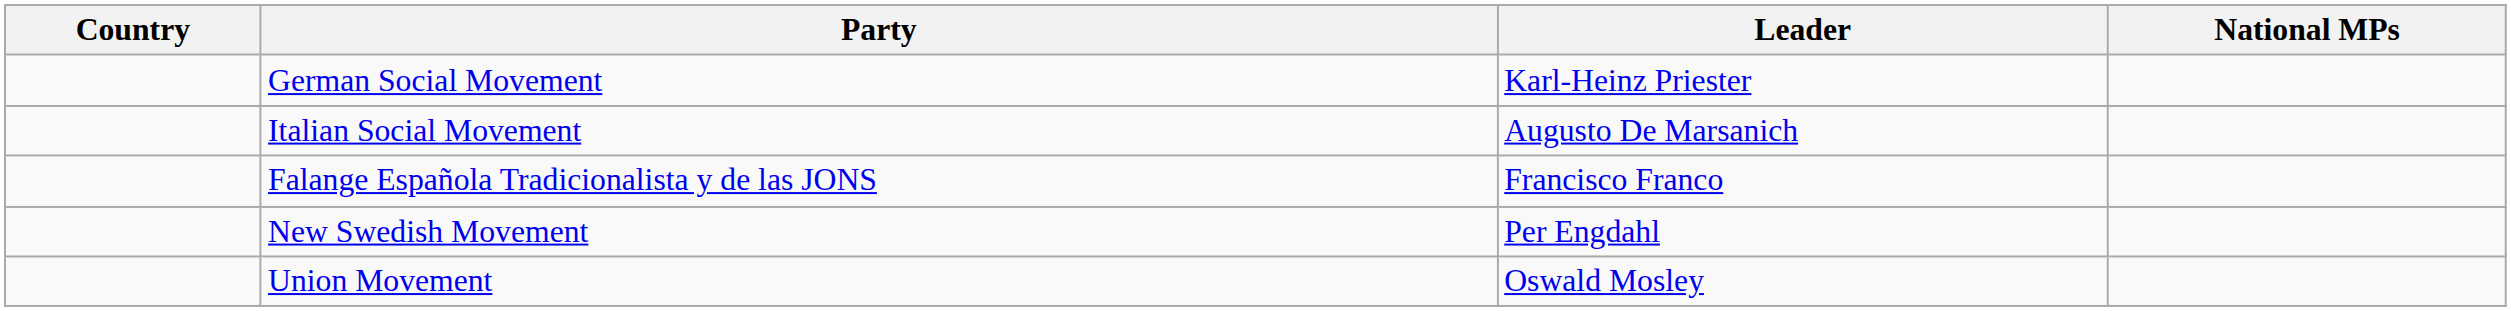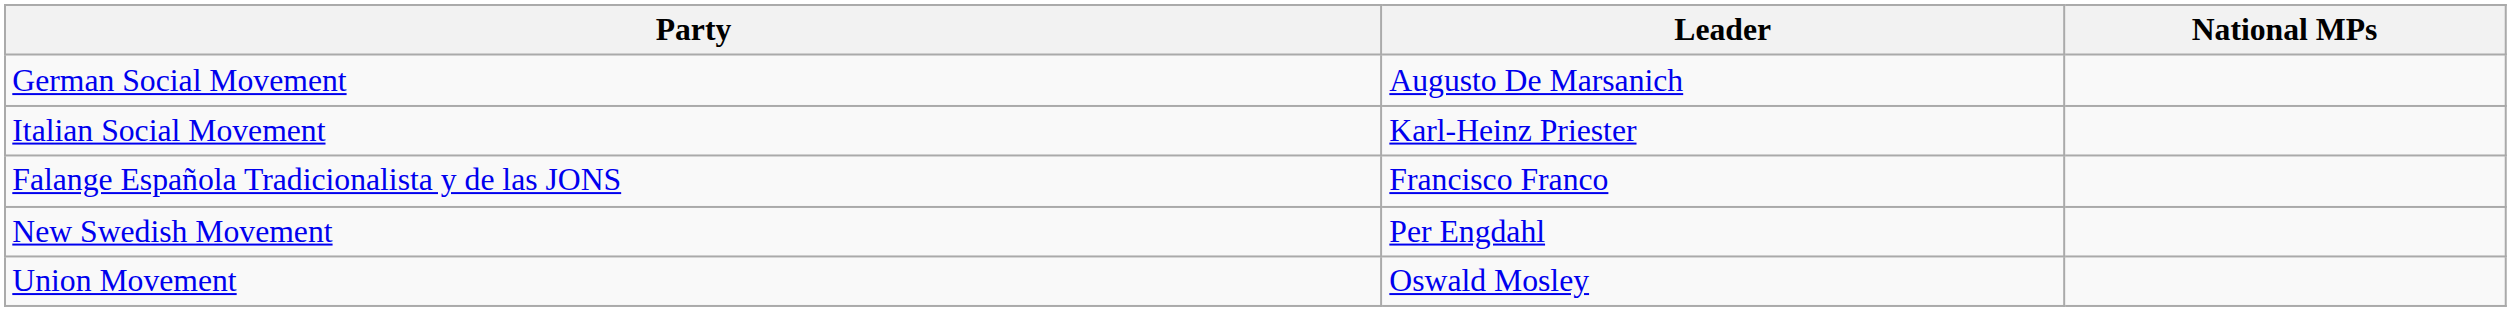 <table class="wikitable" style="text align:center; width:100%">
 <tr>
-<th>Country</th>
 <th>Party</th>
 <th>Leader</th>
 <th>National MPs</th>
 </tr>
 <tr>
+<td><a href='#'>German Social Movement</a></td>
+<td><a href='#'>Augusto De Marsanich</a></td>
 <td></td>
-<td><a href='#'>German Social Movement</a></td>
+</tr>
+<tr>
+<td><a href='#'>Italian Social Movement</a></td>
 <td><a href='#'>Karl-Heinz Priester</a></td>
 <td></td>
 </tr>
 <tr>
-<td></td>
-<td><a href='#'>Italian Social Movement</a></td>
-<td><a href='#'>Augusto De Marsanich</a></td>
-<td></td>
-</tr>
-<tr>
-<td></td>
 <td><a href='#'>Falange Española Tradicionalista y de las JONS</a></td>
 <td><a href='#'>Francisco Franco</a></td>
 <td></td>
 </tr>
 <tr>
-<td></td>
 <td><a href='#'>New Swedish Movement</a></td>
 <td><a href='#'>Per Engdahl</a></td>
 <td></td>
 </tr>
 <tr>
-<td></td>
 <td><a href='#'>Union Movement</a></td>
 <td><a href='#'>Oswald Mosley</a></td>
 <td></td>
 </tr>
 </table>
